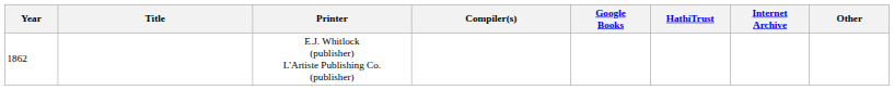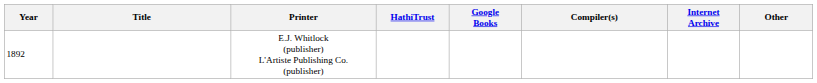 <table class="wikitable collapsible sortable" border="0" cellpadding="1" style="color:black; background-color: #FFFFFF; font-size: 90%; width:100%">
 <tr>
 <th>Year</th>
 <th>Title</th>
 <th>Printer</th>
+<th><a href='#'>HathiTrust</a></th>
+<th><a href='#'>Google<br>Books</a></th>
 <th>Compiler(s)</th>
-<th><a href='#'>Google<br>Books</a></th>
-<th><a href='#'>HathiTrust</a></th>
 <th><a href='#'>Internet<br>Archive</a></th>
 <th>Other</th>
 </tr>
 <tr>
-<td width="6%">1862</td>
+<td width="6%">1892</td>
 <td width="22%" data-sort-value="souvenir 1892"></td>
 <td style="text-align:center" width="18%" data-sort-value="whitlock 1892">E.J. Whitlock<br>(publisher)<br>L'Artiste Publishing Co.<br>(publisher)</td>
+<td style="text-align:center" width="9%" data-sort-value="columbia 1892"><br></td>
+<td style="text-align:center" width="9%" data-sort-value="columbia 1892"></td>
 <td style="text-align:center" width="18%"></td>
-<td style="text-align:center" width="9%" data-sort-value="columbia 1892"></td>
-<td style="text-align:center" width="9%" data-sort-value="columbia 1892"><br></td>
 <td style="text-align:center" width="9%" data-sort-value="columbia 1892"></td>
 <td style="text-align:center" width="9%"></td>
 </tr>
 </table>
